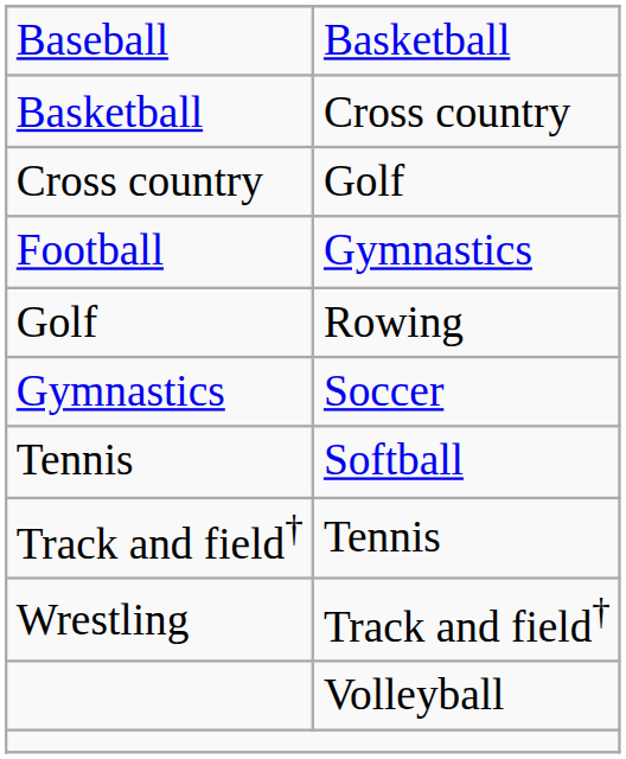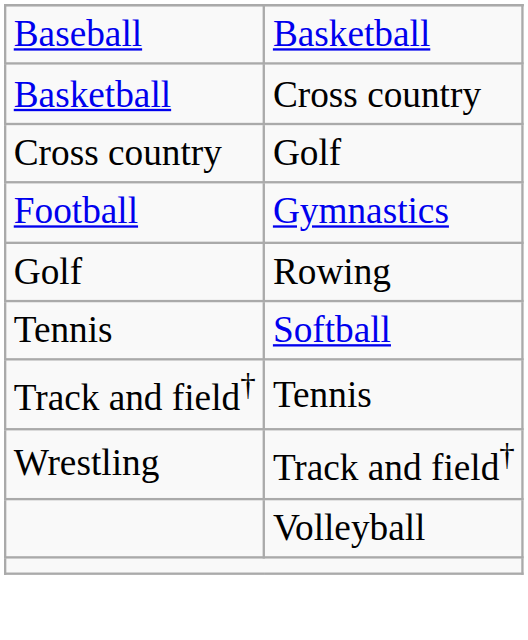 <table class="wikitable" style=" ">
 <tr>
 </tr>
 <tr>
 <td><a href='#'>Baseball</a></td>
 <td><a href='#'>Basketball</a></td>
 </tr>
 <tr>
 <td><a href='#'>Basketball</a></td>
 <td>Cross country</td>
 </tr>
 <tr>
 <td>Cross country</td>
 <td>Golf</td>
 </tr>
 <tr>
 <td><a href='#'>Football</a></td>
 <td><a href='#'>Gymnastics</a></td>
 </tr>
 <tr>
 <td>Golf</td>
 <td>Rowing</td>
 </tr>
 <tr>
-<td><a href='#'>Gymnastics</a></td>
-<td><a href='#'>Soccer</a></td>
-</tr>
-<tr>
 <td>Tennis</td>
 <td><a href='#'>Softball</a></td>
 </tr>
 <tr>
 <td>Track and field<sup>†</sup></td>
 <td>Tennis</td>
 </tr>
 <tr>
 <td>Wrestling</td>
 <td>Track and field<sup>†</sup></td>
 </tr>
 <tr>
 <td></td>
 <td>Volleyball</td>
 </tr>
 <tr>
 <td colspan="2"></td>
 </tr>
 </table>
